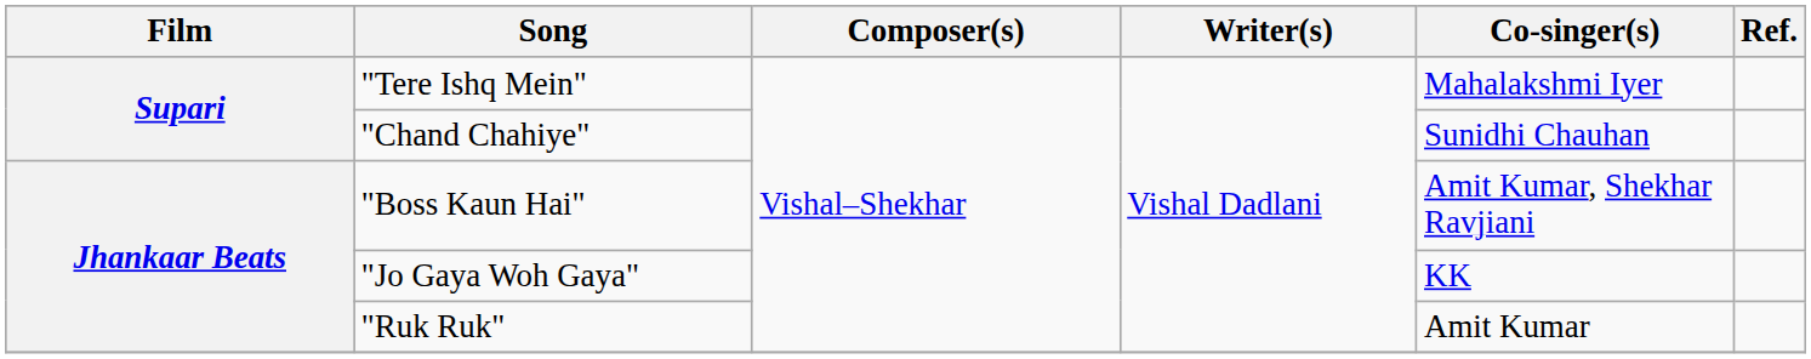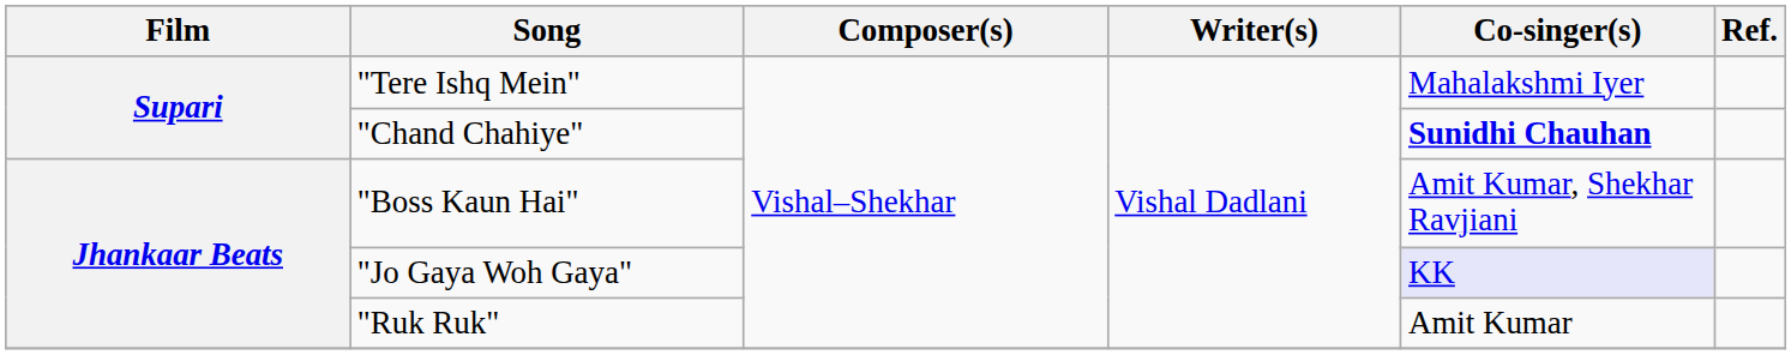 <table class="wikitable plainrowheaders" width="100%" textcolor:#000;">
 <tr>
 <th scope="col" width=20%><strong>Film</strong></th>
 <th scope="col" width=23%><strong>Song</strong></th>
 <th scope="col" width=21%><strong>Composer(s)</strong></th>
 <th scope="col" width=17%><strong>Writer(s)</strong></th>
 <th scope="col" width=18%><strong>Co-singer(s)</strong></th>
 <th scope="col" width=1%><strong>Ref.</strong></th>
 </tr>
 <tr>
 <th scope="row" rowspan="2"><em><a href='#'>Supari</a></em></th>
 <td>"Tere Ishq Mein"</td>
 <td rowspan="5"><a href='#'>Vishal–Shekhar</a></td>
 <td rowspan="5"><a href='#'>Vishal Dadlani</a></td>
 <td><a href='#'>Mahalakshmi Iyer</a></td>
 <td></td>
 </tr>
 <tr>
 <td>"Chand Chahiye"</td>
-<td><a href='#'>Sunidhi Chauhan</a></td>
+<td><strong><a href='#'>Sunidhi Chauhan</a></strong></td>
 <td></td>
 </tr>
 <tr>
 <th scope="row" rowspan="3"><em><a href='#'>Jhankaar Beats</a></em></th>
 <td>"Boss Kaun Hai"</td>
 <td><a href='#'>Amit Kumar</a>, <a href='#'>Shekhar Ravjiani</a></td>
 <td></td>
 </tr>
 <tr>
 <td>"Jo Gaya Woh Gaya"</td>
-<td><a href='#'>KK</a></td>
+<td style="background: lavender;"><a href='#'>KK</a></td>
 <td></td>
 </tr>
 <tr>
 <td>"Ruk Ruk"</td>
 <td>Amit Kumar</td>
 <td></td>
 </tr>
 <tr>
 </tr>
 </table>
